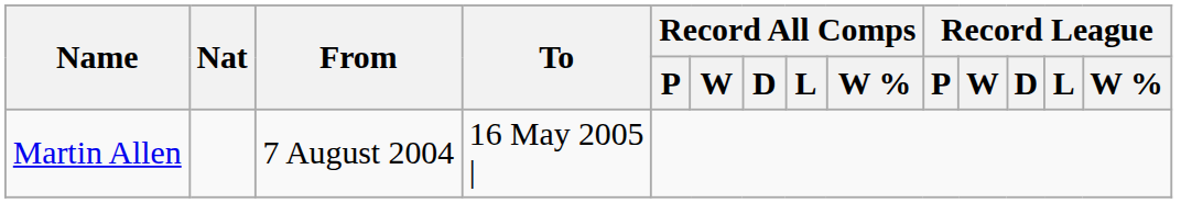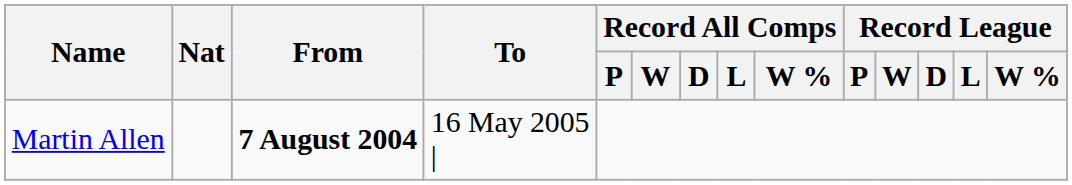 <table class="wikitable" style="text-align: center">
 <tr>
 <th rowspan="2">Name</th>
 <th rowspan="2">Nat</th>
 <th rowspan="2">From</th>
 <th rowspan="2">To</th>
 <th colspan="5">Record All Comps</th>
 <th colspan="5">Record League</th>
 </tr>
 <tr>
 <th>P</th>
 <th>W</th>
 <th>D</th>
 <th>L</th>
 <th>W %</th>
 <th>P</th>
 <th>W</th>
 <th>D</th>
 <th>L</th>
 <th>W %</th>
 </tr>
 <tr>
 <td align=left><a href='#'>Martin Allen</a></td>
 <td></td>
-<td align=left>7 August 2004</td>
+<td align=left><strong>7 August 2004</strong></td>
 <td align=left>16 May 2005<br>|</td>
 </tr>
 </table>
